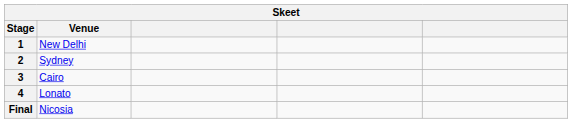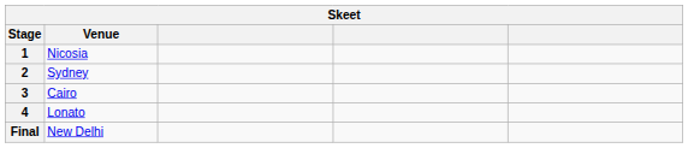 <table class="wikitable">
 <tr>
 <th colspan="5">Skeet</th>
 </tr>
 <tr>
 <th>Stage</th>
 <th width=140>Venue</th>
 <th width=220></th>
 <th width=220></th>
 <th width=220></th>
 </tr>
 <tr>
 <th>1</th>
-<td> <a href='#'>New Delhi</a></td>
+<td> <a href='#'>Nicosia</a></td>
 <td></td>
 <td></td>
 <td></td>
 </tr>
 <tr>
 <th>2</th>
 <td> <a href='#'>Sydney</a></td>
 <td></td>
 <td></td>
 <td></td>
 </tr>
 <tr>
 <th>3</th>
 <td> <a href='#'>Cairo</a></td>
 <td></td>
 <td></td>
 <td></td>
 </tr>
 <tr>
 <th>4</th>
 <td> <a href='#'>Lonato</a></td>
 <td></td>
 <td></td>
 <td></td>
 </tr>
 <tr>
 <th>Final</th>
-<td> <a href='#'>Nicosia</a></td>
+<td> <a href='#'>New Delhi</a></td>
 <td></td>
 <td></td>
 <td></td>
 </tr>
 </table>
